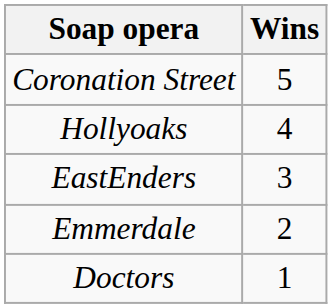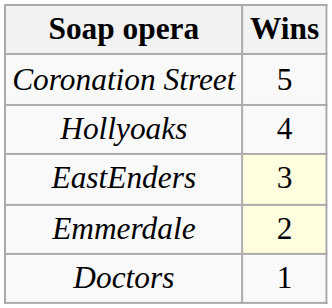 <table class="wikitable" style="text-align: center;">
 <tr>
 <th scope="col">Soap opera</th>
 <th scope="col">Wins</th>
 </tr>
 <tr>
 <td><em>Coronation Street</em></td>
 <td>5</td>
 </tr>
 <tr>
 <td><em>Hollyoaks</em></td>
 <td>4</td>
 </tr>
 <tr>
 <td><em>EastEnders</em></td>
-<td>3</td>
+<td style="background: lightyellow;">3</td>
 </tr>
 <tr>
 <td><em>Emmerdale</em></td>
-<td>2</td>
+<td style="background: lightyellow;">2</td>
 </tr>
 <tr>
 <td><em>Doctors</em></td>
 <td>1</td>
 </tr>
 </table>
